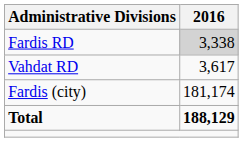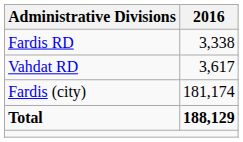 <table class="wikitable">
 <tr>
 <th>Administrative Divisions</th>
 <th>2016</th>
 </tr>
 <tr>
 <td><a href='#'>Fardis RD</a></td>
-<td style="background: lightgrey; text-align: right;">3,338</td>
+<td style="text-align: right;">3,338</td>
 </tr>
 <tr>
 <td><a href='#'>Vahdat RD</a></td>
 <td style="text-align: right;">3,617</td>
 </tr>
 <tr>
 <td><a href='#'>Fardis</a> (city)</td>
 <td style="text-align: right;">181,174</td>
 </tr>
 <tr>
 <td><strong>Total</strong></td>
 <td style="text-align: right;"><strong>188,129</strong></td>
 </tr>
 <tr>
 <td colspan=2></td>
 </tr>
 </table>
